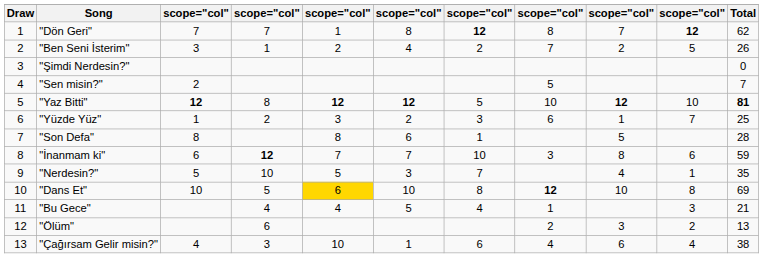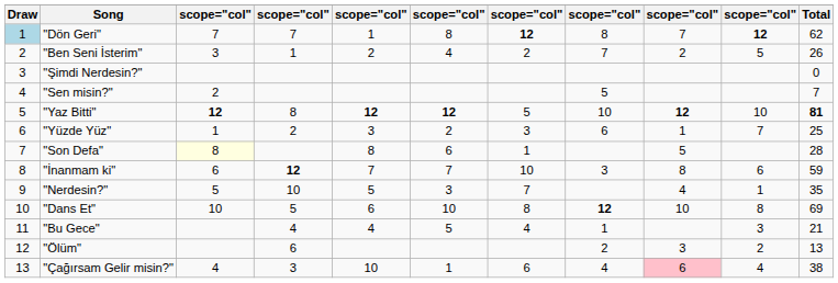 <table class="wikitable plainrowheaders" style="margin: 1em auto 1em auto; text-align:center;">
 <tr>
 </tr>
 <tr>
 <th scope="col">Draw</th>
 <th scope="col">Song</th>
 <th>scope="col" </th>
 <th>scope="col" </th>
 <th>scope="col" </th>
 <th>scope="col" </th>
 <th>scope="col" </th>
 <th>scope="col" </th>
 <th>scope="col" </th>
 <th>scope="col" </th>
 <th scope="col">Total</th>
 </tr>
 <tr --->
-<td>1</td>
+<td style="background: lightblue;">1</td>
 <td align="left">"Dön Geri"</td>
 <td>7</td>
 <td>7</td>
 <td>1</td>
 <td>8</td>
 <td><strong>12</strong></td>
 <td>8</td>
 <td>7</td>
 <td><strong>12</strong></td>
 <td>62</td>
 </tr>
 <tr --->
 <td>2</td>
 <td align="left">"Ben Seni İsterim"</td>
 <td>3</td>
 <td>1</td>
 <td>2</td>
 <td>4</td>
 <td>2</td>
 <td>7</td>
 <td>2</td>
 <td>5</td>
 <td>26</td>
 </tr>
 <tr --->
 <td>3</td>
 <td align="left">"Şimdi Nerdesin?"</td>
 <td></td>
 <td></td>
 <td></td>
 <td></td>
 <td></td>
 <td></td>
 <td></td>
 <td></td>
 <td>0</td>
 </tr>
 <tr --->
 <td>4</td>
 <td align="left">"Sen misin?"</td>
 <td>2</td>
 <td></td>
 <td></td>
 <td></td>
 <td></td>
 <td>5</td>
 <td></td>
 <td></td>
 <td>7</td>
 </tr>
 <tr --->
 <td>5</td>
 <td align="left">"Yaz Bitti"</td>
 <td><strong>12</strong></td>
 <td>8</td>
 <td><strong>12</strong></td>
 <td><strong>12</strong></td>
 <td>5</td>
 <td>10</td>
 <td><strong>12</strong></td>
 <td>10</td>
 <td><strong>81</strong></td>
 </tr>
 <tr --->
 <td>6</td>
 <td align="left">"Yüzde Yüz"</td>
 <td>1</td>
 <td>2</td>
 <td>3</td>
 <td>2</td>
 <td>3</td>
 <td>6</td>
 <td>1</td>
 <td>7</td>
 <td>25</td>
 </tr>
 <tr --->
 <td>7</td>
 <td align="left">"Son Defa"</td>
-<td>8</td>
+<td style="background: lightyellow;">8</td>
 <td></td>
 <td>8</td>
 <td>6</td>
 <td>1</td>
 <td></td>
 <td>5</td>
 <td></td>
 <td>28</td>
 </tr>
 <tr --->
 <td>8</td>
 <td align="left">"İnanmam ki"</td>
 <td>6</td>
 <td><strong>12</strong></td>
 <td>7</td>
 <td>7</td>
 <td>10</td>
 <td>3</td>
 <td>8</td>
 <td>6</td>
 <td>59</td>
 </tr>
 <tr --->
 <td>9</td>
 <td align="left">"Nerdesin?"</td>
 <td>5</td>
 <td>10</td>
 <td>5</td>
 <td>3</td>
 <td>7</td>
 <td></td>
 <td>4</td>
 <td>1</td>
 <td>35</td>
 </tr>
 <tr --->
 <td>10</td>
 <td align="left">"Dans Et"</td>
 <td>10</td>
 <td>5</td>
-<td style="background: gold;">6</td>
+<td>6</td>
 <td>10</td>
 <td>8</td>
 <td><strong>12</strong></td>
 <td>10</td>
 <td>8</td>
 <td>69</td>
 </tr>
 <tr --->
 <td>11</td>
 <td align="left">"Bu Gece"</td>
 <td></td>
 <td>4</td>
 <td>4</td>
 <td>5</td>
 <td>4</td>
 <td>1</td>
 <td></td>
 <td>3</td>
 <td>21</td>
 </tr>
 <tr --->
 <td>12</td>
 <td align="left">"Ölüm"</td>
 <td></td>
 <td>6</td>
 <td></td>
 <td></td>
 <td></td>
 <td>2</td>
 <td>3</td>
 <td>2</td>
 <td>13</td>
 </tr>
 <tr --->
 <td>13</td>
 <td align="left">"Çağırsam Gelir misin?"</td>
 <td>4</td>
 <td>3</td>
 <td>10</td>
 <td>1</td>
 <td>6</td>
 <td>4</td>
-<td>6</td>
+<td style="background: pink;">6</td>
 <td>4</td>
 <td>38</td>
 </tr>
 </table>
